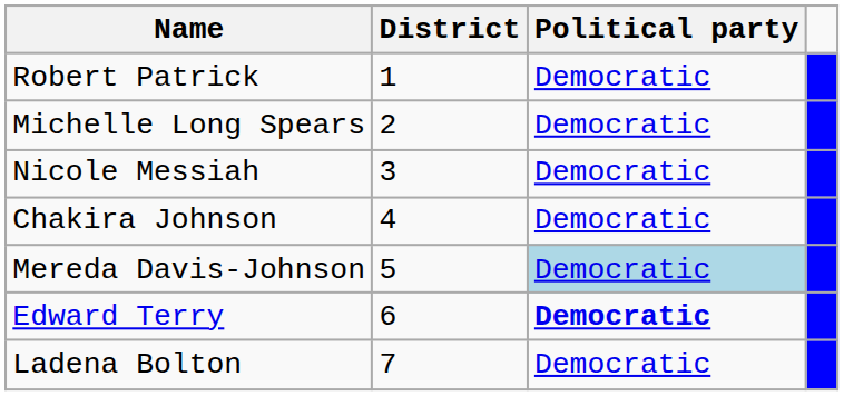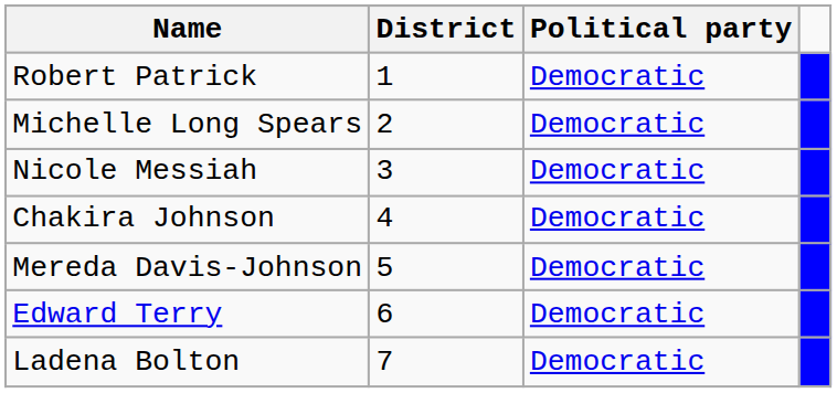 <table class="wikitable">
 <tr>
 </tr>
 <tr>
 <th>Name</th>
 <th>District</th>
 <th>Political party</th>
 </tr>
 <tr>
 <td>Robert Patrick</td>
 <td>1</td>
 <td><a href='#'>Democratic</a></td>
 <td style="background:blue;"> </td>
 </tr>
 <tr>
 <td>Michelle Long Spears</td>
 <td>2</td>
 <td><a href='#'>Democratic</a></td>
 <td style="background:blue;"> </td>
 </tr>
 <tr>
 <td>Nicole Messiah</td>
 <td>3</td>
 <td><a href='#'>Democratic</a></td>
 <td style="background:blue;"> </td>
 </tr>
 <tr>
 <td>Chakira Johnson</td>
 <td>4</td>
 <td><a href='#'>Democratic</a></td>
 <td style="background:blue;"> </td>
 </tr>
 <tr>
 <td>Mereda Davis-Johnson</td>
 <td>5</td>
-<td style="background: lightblue;"><a href='#'>Democratic</a></td>
+<td><a href='#'>Democratic</a></td>
 <td style="background:blue;"> </td>
 </tr>
 <tr>
 <td><a href='#'>Edward Terry</a></td>
 <td>6</td>
-<td><strong><a href='#'>Democratic</a></strong></td>
+<td><a href='#'>Democratic</a></td>
 <td style="background:blue;"> </td>
 </tr>
 <tr>
 <td>Ladena Bolton</td>
 <td>7</td>
 <td><a href='#'>Democratic</a></td>
 <td style="background:blue;"> </td>
 </tr>
 </table>
